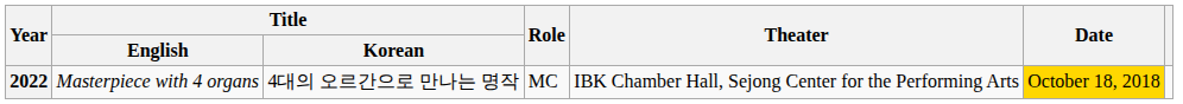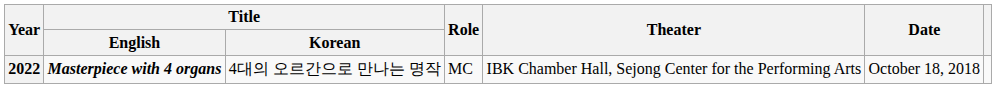 <table class="wikitable sortable plainrowheaders">
 <tr>
 <th rowspan="2" scope="col">Year</th>
 <th colspan="2" scope="col">Title</th>
 <th rowspan="2" scope="col">Role</th>
 <th rowspan="2" scope="col">Theater</th>
 <th rowspan="2" scope="col" class="sortable">Date</th>
 <th rowspan="2" scope="col" class="unsortable"></th>
 </tr>
 <tr>
 <th>English</th>
 <th>Korean</th>
 </tr>
 <tr>
 <th scope="row">2022</th>
-<td><em>Masterpiece with 4 organs</em></td>
+<td><strong><em>Masterpiece with 4 organs</em></strong></td>
 <td>4대의 오르간으로 만나는 명작</td>
 <td>MC</td>
 <td>IBK Chamber Hall, Sejong Center for the Performing Arts</td>
-<td style="background: gold;">October 18, 2018</td>
+<td>October 18, 2018</td>
 <td></td>
 </tr>
 </table>
